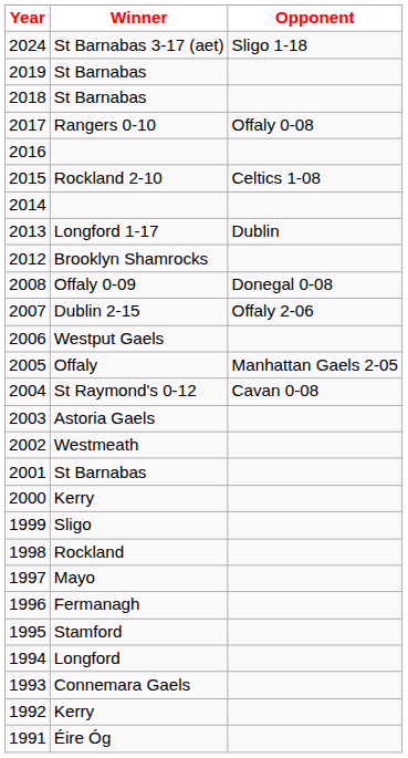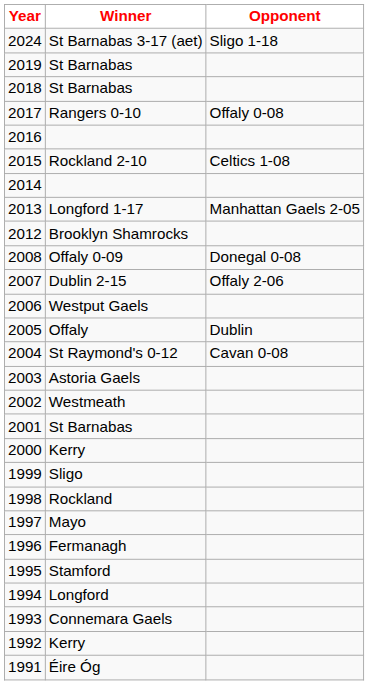 <table class="wikitable">
 <tr>
 <th style="background:white;color:red;">Year</th>
 <th style="background:white;color:red;">Winner</th>
 <th style="background:white;color:red;">Opponent</th>
 </tr>
 <tr>
 <td>2024</td>
 <td>St Barnabas 3-17 (aet)</td>
 <td>Sligo 1-18</td>
 </tr>
 <tr>
 <td>2019</td>
 <td>St Barnabas</td>
 <td></td>
 </tr>
 <tr>
 <td>2018</td>
 <td>St Barnabas</td>
 <td></td>
 </tr>
 <tr>
 <td>2017</td>
 <td>Rangers 0-10</td>
 <td>Offaly 0-08</td>
 </tr>
 <tr>
 <td>2016</td>
 <td></td>
 <td></td>
 </tr>
 <tr>
 <td>2015</td>
 <td>Rockland 2-10</td>
 <td>Celtics 1-08</td>
 </tr>
 <tr>
 <td>2014</td>
 <td></td>
 <td></td>
 </tr>
 <tr>
 <td>2013</td>
 <td>Longford 1-17</td>
-<td>Dublin</td>
+<td>Manhattan Gaels 2-05</td>
 </tr>
 <tr>
 <td>2012</td>
 <td>Brooklyn Shamrocks</td>
 <td></td>
 </tr>
 <tr>
 <td>2008</td>
 <td>Offaly 0-09</td>
 <td>Donegal 0-08</td>
 </tr>
 <tr>
 <td>2007</td>
 <td>Dublin 2-15</td>
 <td>Offaly 2-06</td>
 </tr>
 <tr>
 <td>2006</td>
 <td>Westput Gaels</td>
 <td></td>
 </tr>
 <tr>
 <td>2005</td>
 <td>Offaly</td>
-<td>Manhattan Gaels 2-05</td>
+<td>Dublin</td>
 </tr>
 <tr>
 <td>2004</td>
 <td>St Raymond's 0-12</td>
 <td>Cavan 0-08</td>
 </tr>
 <tr>
 <td>2003</td>
 <td>Astoria Gaels</td>
 <td></td>
 </tr>
 <tr>
 <td>2002</td>
 <td>Westmeath</td>
 <td></td>
 </tr>
 <tr>
 <td>2001</td>
 <td>St Barnabas</td>
 <td></td>
 </tr>
 <tr>
 <td>2000</td>
 <td>Kerry</td>
 <td></td>
 </tr>
 <tr>
 <td>1999</td>
 <td>Sligo</td>
 <td></td>
 </tr>
 <tr>
 <td>1998</td>
 <td>Rockland</td>
 <td></td>
 </tr>
 <tr>
 <td>1997</td>
 <td>Mayo</td>
 <td></td>
 </tr>
 <tr>
 <td>1996</td>
 <td>Fermanagh</td>
 <td></td>
 </tr>
 <tr>
 <td>1995</td>
 <td>Stamford</td>
 <td></td>
 </tr>
 <tr>
 <td>1994</td>
 <td>Longford</td>
 <td></td>
 </tr>
 <tr>
 <td>1993</td>
 <td>Connemara Gaels</td>
 <td></td>
 </tr>
 <tr>
 <td>1992</td>
 <td>Kerry</td>
 <td></td>
 </tr>
 <tr>
 <td>1991</td>
 <td>Éire Óg</td>
 <td></td>
 </tr>
 </table>
